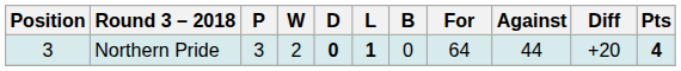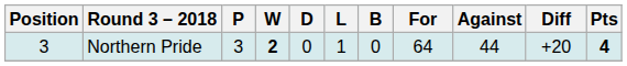 <table class="wikitable" style="text-align:center; font-size:85%;">
 <tr style="background: #d7ebed;">
 <th width="40" abbr="Position">Position</th>
 <th width="100">Round 3 – 2018</th>
 <th width="20" abbr="Played">P</th>
 <th width="20" abbr="Won">W</th>
 <th width="20" abbr="Drawn">D</th>
 <th width="20" abbr="Lost">L</th>
 <th width="20" abbr="Bye">B</th>
 <th width="40" abbr="Points for">For</th>
 <th width="40" abbr="Points against">Against</th>
 <th width="40" abbr="Points difference">Diff</th>
 <th width=20 abbr="Points">Pts</th>
 </tr>
 <tr style="background: #d7ebed;">
 <td>3</td>
 <td style="text-align:left;"> Northern Pride</td>
 <td>3</td>
-<td>2</td>
-<td><strong>0</strong></td>
-<td><strong>1</strong></td>
+<td><strong>2</strong></td>
+<td>0</td>
+<td>1</td>
 <td>0</td>
 <td>64</td>
 <td>44</td>
 <td>+20</td>
 <td><strong>4</strong></td>
 </tr>
 <tr>
 </tr>
 </table>
